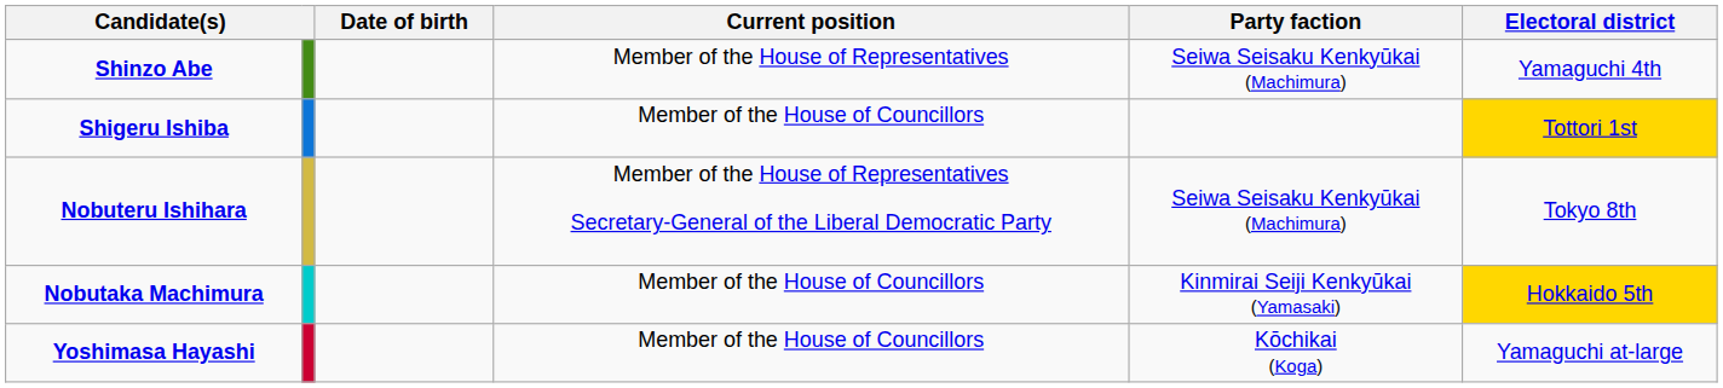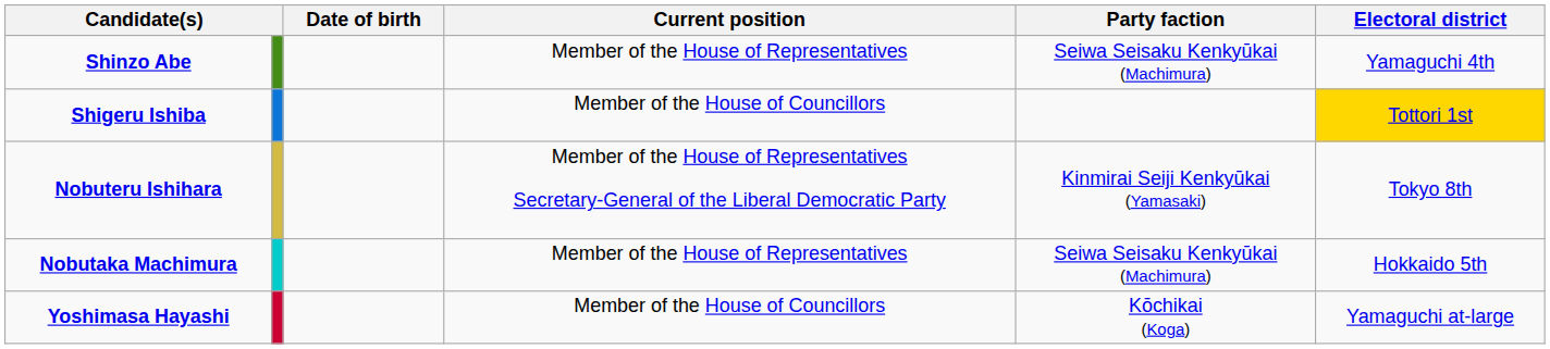 <table class="wikitable sortable" style="text-align:center;width:100%">
 <tr>
 <th colspan="2" style="width:110px;">Candidate(s)</th>
 <th>Date of birth</th>
 <th class="unsortable">Current position</th>
 <th>Party faction</th>
 <th><a href='#'>Electoral district</a></th>
 </tr>
 <tr>
 <td> <strong><a href='#'>Shinzo Abe</a></strong></td>
 <td style="background:#438C15"></td>
 <td><br></td>
 <td>Member of the <a href='#'>House of Representatives</a><br><br></td>
 <td><a href='#'>Seiwa Seisaku Kenkyūkai</a><br><small> (<a href='#'>Machimura</a>) </small></td>
 <td> <a href='#'>Yamaguchi 4th</a></td>
 </tr>
 <tr>
 <td> <strong><a href='#'>Shigeru Ishiba</a></strong></td>
 <td style="background:#0C75D8"></td>
 <td><br></td>
 <td>Member of the <a href='#'>House of Councillors</a><br> <br></td>
 <td></td>
 <td style="background: gold;"> <a href='#'>Tottori 1st</a></td>
 </tr>
 <tr>
 <td> <strong><a href='#'>Nobuteru Ishihara</a></strong></td>
 <td style="background:#D2BA43"></td>
 <td><br></td>
 <td>Member of the <a href='#'>House of Representatives</a><br> <br><a href='#'>Secretary-General of the Liberal Democratic Party</a><br><br></td>
-<td><a href='#'>Seiwa Seisaku Kenkyūkai</a><br><small> (<a href='#'>Machimura</a>) </small></td>
+<td><a href='#'>Kinmirai Seiji Kenkyūkai</a><br><small> (<a href='#'>Yamasaki</a>) </small></td>
 <td> <a href='#'>Tokyo 8th</a></td>
 </tr>
 <tr>
 <td> <strong><a href='#'>Nobutaka Machimura</a></strong></td>
 <td style="background:#00CCCB"></td>
 <td><br></td>
-<td>Member of the <a href='#'>House of Councillors</a><br> <br></td>
-<td><a href='#'>Kinmirai Seiji Kenkyūkai</a><br><small> (<a href='#'>Yamasaki</a>) </small></td>
-<td style="background: gold;"> <a href='#'>Hokkaido 5th</a></td>
+<td>Member of the <a href='#'>House of Representatives</a><br><br></td>
+<td><a href='#'>Seiwa Seisaku Kenkyūkai</a><br><small> (<a href='#'>Machimura</a>) </small></td>
+<td> <a href='#'>Hokkaido 5th</a></td>
 </tr>
 <tr>
 <td> <strong><a href='#'>Yoshimasa Hayashi</a></strong></td>
 <td style="background:#CC0033"></td>
 <td><br></td>
 <td>Member of the <a href='#'>House of Councillors</a><br> <br></td>
 <td><a href='#'>Kōchikai</a><br><small> (<a href='#'>Koga</a>) </small></td>
 <td> <a href='#'>Yamaguchi at-large</a></td>
 </tr>
 </table>
